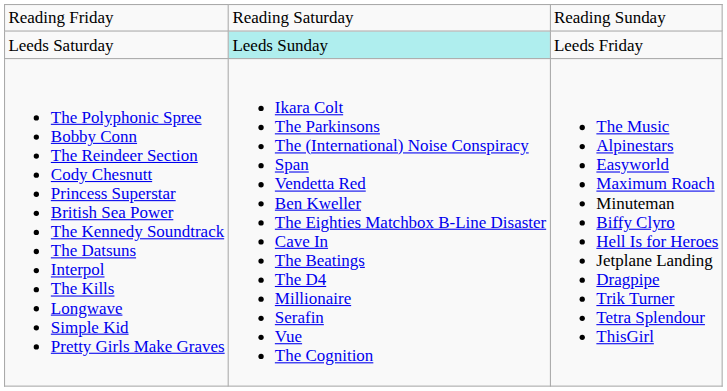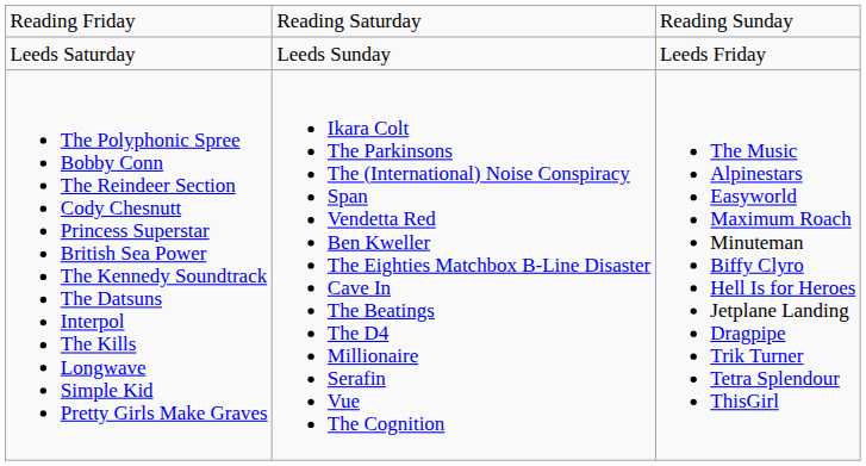 <table class="wikitable">
 <tr>
 <td>Reading Friday</td>
 <td>Reading Saturday</td>
 <td>Reading Sunday</td>
 </tr>
 <tr>
 <td>Leeds Saturday</td>
-<td style="background: paleturquoise;">Leeds Sunday</td>
+<td>Leeds Sunday</td>
 <td>Leeds Friday</td>
 </tr>
 <tr>
 <td><br><ul><li><a href='#'>The Polyphonic Spree</a></li><li><a href='#'>Bobby Conn</a></li><li><a href='#'>The Reindeer Section</a></li><li><a href='#'>Cody Chesnutt</a></li><li><a href='#'>Princess Superstar</a></li><li><a href='#'>British Sea Power</a></li><li><a href='#'>The Kennedy Soundtrack</a></li><li><a href='#'>The Datsuns</a></li><li><a href='#'>Interpol</a></li><li><a href='#'>The Kills</a></li><li><a href='#'>Longwave</a></li><li><a href='#'>Simple Kid</a></li><li><a href='#'>Pretty Girls Make Graves</a></li></ul></td>
 <td><br><ul><li><a href='#'>Ikara Colt</a></li><li><a href='#'>The Parkinsons</a></li><li><a href='#'>The (International) Noise Conspiracy</a></li><li><a href='#'>Span</a></li><li><a href='#'>Vendetta Red</a></li><li><a href='#'>Ben Kweller</a></li><li><a href='#'>The Eighties Matchbox B-Line Disaster</a></li><li><a href='#'>Cave In</a></li><li><a href='#'>The Beatings</a></li><li><a href='#'>The D4</a></li><li><a href='#'>Millionaire</a></li><li><a href='#'>Serafin</a></li><li><a href='#'>Vue</a></li><li><a href='#'>The Cognition</a></li></ul></td>
 <td><br><ul><li><a href='#'>The Music</a></li><li><a href='#'>Alpinestars</a></li><li><a href='#'>Easyworld</a></li><li><a href='#'>Maximum Roach</a></li><li>Minuteman</li><li><a href='#'>Biffy Clyro</a></li><li><a href='#'>Hell Is for Heroes</a></li><li>Jetplane Landing</li><li><a href='#'>Dragpipe</a></li><li><a href='#'>Trik Turner</a></li><li><a href='#'>Tetra Splendour</a></li><li><a href='#'>ThisGirl</a></li></ul></td>
 </tr>
 </table>
